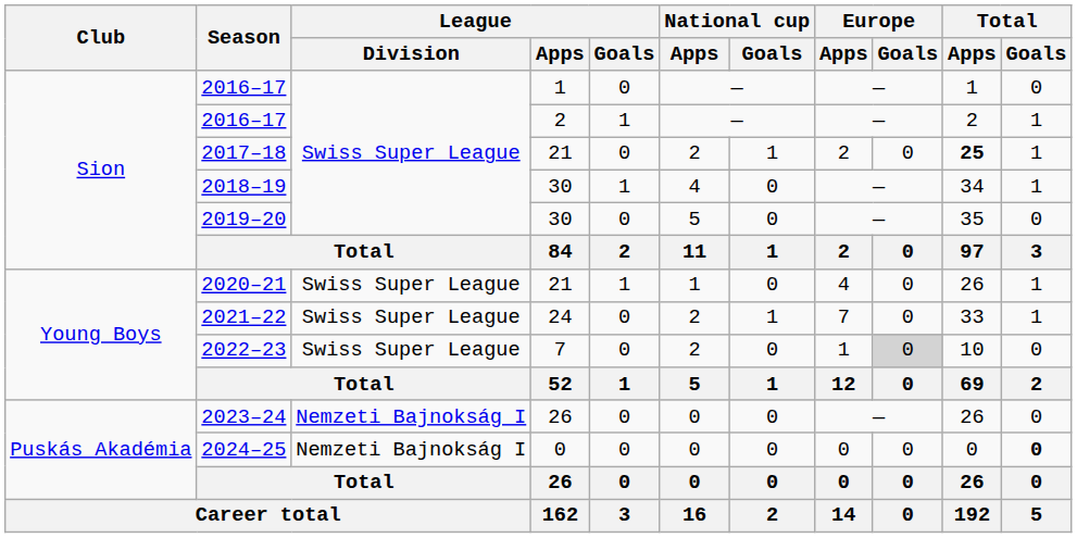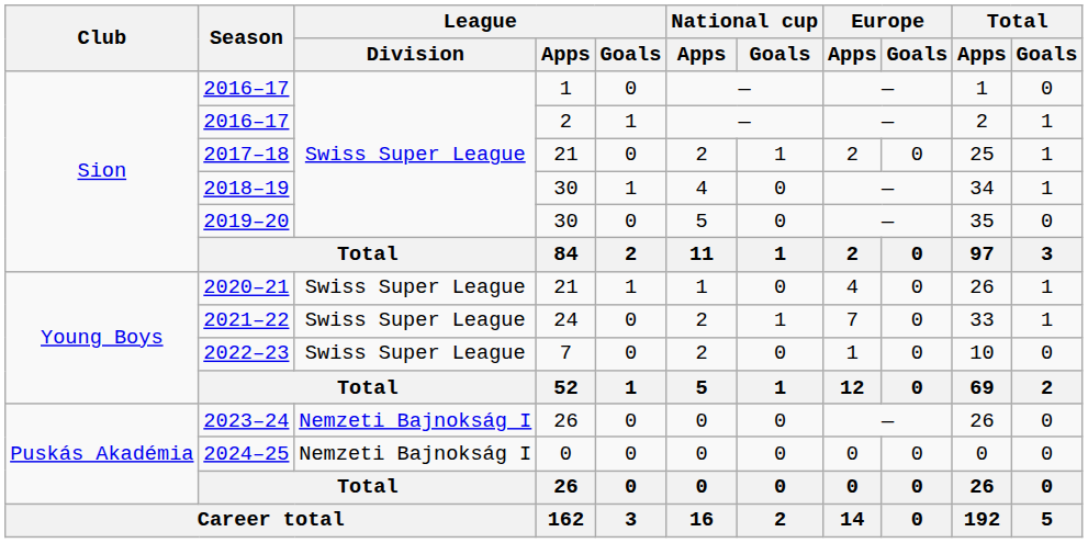 <table class="wikitable" style="text-align:center">
 <tr>
 <th rowspan="2">Club</th>
 <th rowspan="2">Season</th>
 <th colspan="3">League</th>
 <th colspan="2">National cup</th>
 <th colspan="2">Europe</th>
 <th colspan="2">Total</th>
 </tr>
 <tr>
 <th>Division</th>
 <th>Apps</th>
 <th>Goals</th>
 <th>Apps</th>
 <th>Goals</th>
 <th>Apps</th>
 <th>Goals</th>
 <th>Apps</th>
 <th>Goals</th>
 </tr>
 <tr>
 <td rowspan="6"><a href='#'>Sion</a></td>
 <td><a href='#'>2016–17</a></td>
 <td rowspan="5"><a href='#'>Swiss Super League</a></td>
 <td>1</td>
 <td>0</td>
 <td colspan="2">—</td>
 <td colspan="2">—</td>
 <td>1</td>
 <td>0</td>
 </tr>
 <tr>
 <td><a href='#'>2016–17</a></td>
 <td>2</td>
 <td>1</td>
 <td colspan="2">—</td>
 <td colspan="2">—</td>
 <td>2</td>
 <td>1</td>
 </tr>
 <tr>
 <td><a href='#'>2017–18</a></td>
 <td>21</td>
 <td>0</td>
 <td>2</td>
 <td>1</td>
 <td>2</td>
 <td>0</td>
-<td><strong>25</strong></td>
+<td>25</td>
 <td>1</td>
 </tr>
 <tr>
 <td><a href='#'>2018–19</a></td>
 <td>30</td>
 <td>1</td>
 <td>4</td>
 <td>0</td>
 <td colspan="2">—</td>
 <td>34</td>
 <td>1</td>
 </tr>
 <tr>
 <td><a href='#'>2019–20</a></td>
 <td>30</td>
 <td>0</td>
 <td>5</td>
 <td>0</td>
 <td colspan="2">—</td>
 <td>35</td>
 <td>0</td>
 </tr>
 <tr>
 <th colspan="2">Total</th>
 <th>84</th>
 <th>2</th>
 <th>11</th>
 <th>1</th>
 <th>2</th>
 <th>0</th>
 <th>97</th>
 <th>3</th>
 </tr>
 <tr>
 <td rowspan="4"><a href='#'>Young Boys</a></td>
 <td><a href='#'>2020–21</a></td>
 <td>Swiss Super League</td>
 <td>21</td>
 <td>1</td>
 <td>1</td>
 <td>0</td>
 <td>4</td>
 <td>0</td>
 <td>26</td>
 <td>1</td>
 </tr>
 <tr>
 <td><a href='#'>2021–22</a></td>
 <td>Swiss Super League</td>
 <td>24</td>
 <td>0</td>
 <td>2</td>
 <td>1</td>
 <td>7</td>
 <td>0</td>
 <td>33</td>
 <td>1</td>
 </tr>
 <tr>
 <td><a href='#'>2022–23</a></td>
 <td>Swiss Super League</td>
 <td>7</td>
 <td>0</td>
 <td>2</td>
 <td>0</td>
 <td>1</td>
-<td style="background: lightgrey;">0</td>
+<td>0</td>
 <td>10</td>
 <td>0</td>
 </tr>
 <tr>
 <th colspan="2">Total</th>
 <th>52</th>
 <th>1</th>
 <th>5</th>
 <th>1</th>
 <th>12</th>
 <th>0</th>
 <th>69</th>
 <th>2</th>
 </tr>
 <tr>
 <td rowspan="3"><a href='#'>Puskás Akadémia</a></td>
 <td><a href='#'>2023–24</a></td>
 <td><a href='#'>Nemzeti Bajnokság I</a></td>
 <td>26</td>
 <td>0</td>
 <td>0</td>
 <td>0</td>
 <td colspan="2">—</td>
 <td>26</td>
 <td>0</td>
 </tr>
 <tr>
 <td><a href='#'>2024–25</a></td>
 <td>Nemzeti Bajnokság I</td>
 <td>0</td>
 <td>0</td>
 <td>0</td>
 <td>0</td>
 <td>0</td>
 <td>0</td>
 <td>0</td>
-<td><strong>0</strong></td>
+<td>0</td>
 </tr>
 <tr>
 <th colspan="2">Total</th>
 <th>26</th>
 <th>0</th>
 <th>0</th>
 <th>0</th>
 <th>0</th>
 <th>0</th>
 <th>26</th>
 <th>0</th>
 </tr>
 <tr>
 <th colspan="3">Career total</th>
 <th>162</th>
 <th>3</th>
 <th>16</th>
 <th>2</th>
 <th>14</th>
 <th>0</th>
 <th>192</th>
 <th>5</th>
 </tr>
 </table>
